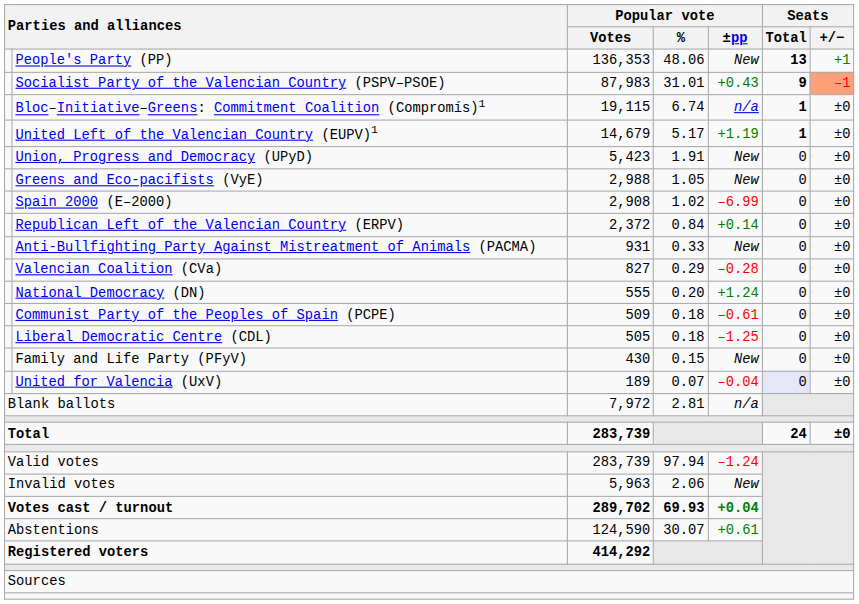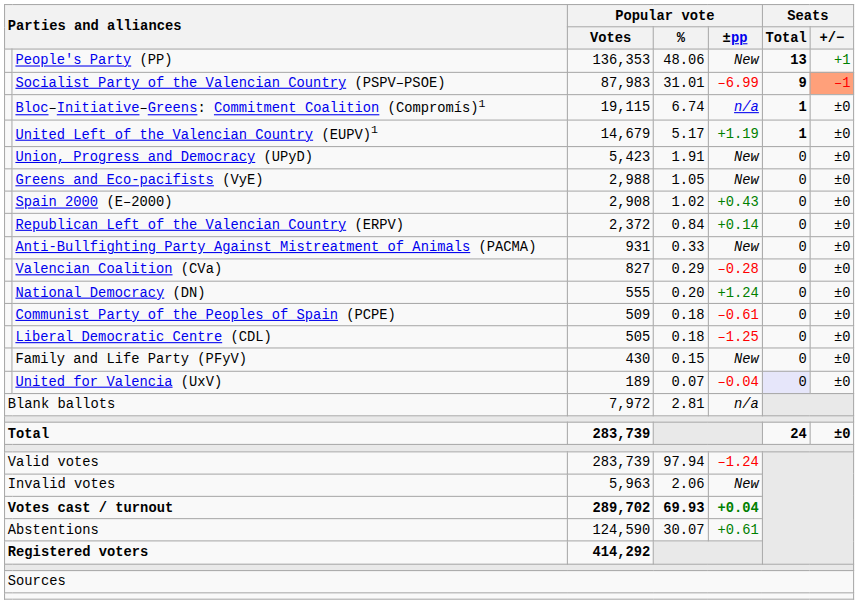 <table class="wikitable" style="text-align:right;">
 <tr>
 <th style="text-align:left;" rowspan="2" colspan="2" width="525">Parties and alliances</th>
 <th colspan="3">Popular vote</th>
 <th colspan="2">Seats</th>
 </tr>
 <tr>
 <th width="75">Votes</th>
 <th width="45">%</th>
 <th width="45">±<a href='#'>pp</a></th>
 <th width="35">Total</th>
 <th width="35">+/−</th>
 </tr>
 <tr>
 <td width="1" style="color:inherit;background:"></td>
 <td align="left"><a href='#'>People's Party</a> (PP)</td>
 <td>136,353</td>
 <td>48.06</td>
 <td><em>New</em></td>
 <td><strong>13</strong></td>
 <td style="color:green;">+1</td>
 </tr>
 <tr>
 <td style="color:inherit;background:"></td>
 <td align="left"><a href='#'>Socialist Party of the Valencian Country</a> (PSPV–PSOE)</td>
 <td>87,983</td>
 <td>31.01</td>
-<td style="color:green;">+0.43</td>
+<td style="color:red;">–6.99</td>
 <td><strong>9</strong></td>
 <td style="background: lightsalmon; color:red;">–1</td>
 </tr>
 <tr>
 <td style="color:inherit;background:"></td>
 <td align="left"><a href='#'>Bloc</a>–<a href='#'>Initiative</a>–<a href='#'>Greens</a>: <a href='#'>Commitment Coalition</a> (Compromís)<sup>1</sup></td>
 <td>19,115</td>
 <td>6.74</td>
 <td><em><a href='#'>n/a</a></em></td>
 <td><strong>1</strong></td>
 <td>±0</td>
 </tr>
 <tr>
 <td style="color:inherit;background:"></td>
 <td align="left"><a href='#'>United Left of the Valencian Country</a> (EUPV)<sup>1</sup></td>
 <td>14,679</td>
 <td>5.17</td>
 <td style="color:green;">+1.19</td>
 <td><strong>1</strong></td>
 <td>±0</td>
 </tr>
 <tr>
 <td style="color:inherit;background:"></td>
 <td align="left"><a href='#'>Union, Progress and Democracy</a> (UPyD)</td>
 <td>5,423</td>
 <td>1.91</td>
 <td><em>New</em></td>
 <td>0</td>
 <td>±0</td>
 </tr>
 <tr>
 <td style="color:inherit;background:"></td>
 <td align="left"><a href='#'>Greens and Eco-pacifists</a> (VyE)</td>
 <td>2,988</td>
 <td>1.05</td>
 <td><em>New</em></td>
 <td>0</td>
 <td>±0</td>
 </tr>
 <tr>
 <td style="color:inherit;background:"></td>
 <td align="left"><a href='#'>Spain 2000</a> (E–2000)</td>
 <td>2,908</td>
 <td>1.02</td>
-<td style="color:red;">–6.99</td>
+<td style="color:green;">+0.43</td>
 <td>0</td>
 <td>±0</td>
 </tr>
 <tr>
 <td style="color:inherit;background:"></td>
 <td align="left"><a href='#'>Republican Left of the Valencian Country</a> (ERPV)</td>
 <td>2,372</td>
 <td>0.84</td>
 <td style="color:green;">+0.14</td>
 <td>0</td>
 <td>±0</td>
 </tr>
 <tr>
 <td style="color:inherit;background:"></td>
 <td align="left"><a href='#'>Anti-Bullfighting Party Against Mistreatment of Animals</a> (PACMA)</td>
 <td>931</td>
 <td>0.33</td>
 <td><em>New</em></td>
 <td>0</td>
 <td>±0</td>
 </tr>
 <tr>
 <td style="color:inherit;background:"></td>
 <td align="left"><a href='#'>Valencian Coalition</a> (CVa)</td>
 <td>827</td>
 <td>0.29</td>
 <td style="color:red;">–0.28</td>
 <td>0</td>
 <td>±0</td>
 </tr>
 <tr>
 <td style="color:inherit;background:"></td>
 <td align="left"><a href='#'>National Democracy</a> (DN)</td>
 <td>555</td>
 <td>0.20</td>
 <td style="color:green;">+1.24</td>
 <td>0</td>
 <td>±0</td>
 </tr>
 <tr>
 <td style="color:inherit;background:"></td>
 <td align="left"><a href='#'>Communist Party of the Peoples of Spain</a> (PCPE)</td>
 <td>509</td>
 <td>0.18</td>
 <td style="color:red;">–0.61</td>
 <td>0</td>
 <td>±0</td>
 </tr>
 <tr>
 <td style="color:inherit;background:"></td>
 <td align="left"><a href='#'>Liberal Democratic Centre</a> (CDL)</td>
 <td>505</td>
 <td>0.18</td>
 <td style="color:red;">–1.25</td>
 <td>0</td>
 <td>±0</td>
 </tr>
 <tr>
 <td style="color:inherit;background:"></td>
 <td align="left">Family and Life Party (PFyV)</td>
 <td>430</td>
 <td>0.15</td>
 <td><em>New</em></td>
 <td>0</td>
 <td>±0</td>
 </tr>
 <tr>
 <td style="color:inherit;background:"></td>
 <td align="left"><a href='#'>United for Valencia</a> (UxV)</td>
 <td>189</td>
 <td>0.07</td>
 <td style="color:red;">–0.04</td>
 <td style="background: lavender;">0</td>
 <td>±0</td>
 </tr>
 <tr>
 <td align="left" colspan="2">Blank ballots</td>
 <td>7,972</td>
 <td>2.81</td>
 <td><em>n/a</em></td>
 <td bgcolor="#E9E9E9" colspan="2"></td>
 </tr>
 <tr>
 <td colspan="7" bgcolor="#E9E9E9"></td>
 </tr>
 <tr style="font-weight:bold;">
 <td align="left" colspan="2">Total</td>
 <td>283,739</td>
 <td bgcolor="#E9E9E9" colspan="2"></td>
 <td>24</td>
 <td>±0</td>
 </tr>
 <tr>
 <td colspan="7" bgcolor="#E9E9E9"></td>
 </tr>
 <tr>
 <td align="left" colspan="2">Valid votes</td>
 <td>283,739</td>
 <td>97.94</td>
 <td style="color:red;">–1.24</td>
 <td bgcolor="#E9E9E9" colspan="2" rowspan="5"></td>
 </tr>
 <tr>
 <td align="left" colspan="2">Invalid votes</td>
 <td>5,963</td>
 <td>2.06</td>
 <td><em>New</em></td>
 </tr>
 <tr style="font-weight:bold;">
 <td align="left" colspan="2">Votes cast / turnout</td>
 <td>289,702</td>
 <td>69.93</td>
 <td style="color:green;">+0.04</td>
 </tr>
 <tr>
 <td align="left" colspan="2">Abstentions</td>
 <td>124,590</td>
 <td>30.07</td>
 <td style="color:green;">+0.61</td>
 </tr>
 <tr style="font-weight:bold;">
 <td align="left" colspan="2">Registered voters</td>
 <td>414,292</td>
 <td bgcolor="#E9E9E9" colspan="2"></td>
 </tr>
 <tr>
 <td colspan="7" bgcolor="#E9E9E9"></td>
 </tr>
 <tr>
 <td align="left" colspan="7">Sources</td>
 </tr>
 <tr>
 <td colspan="7" style="text-align:left; max-width:790px;"></td>
 </tr>
 </table>
